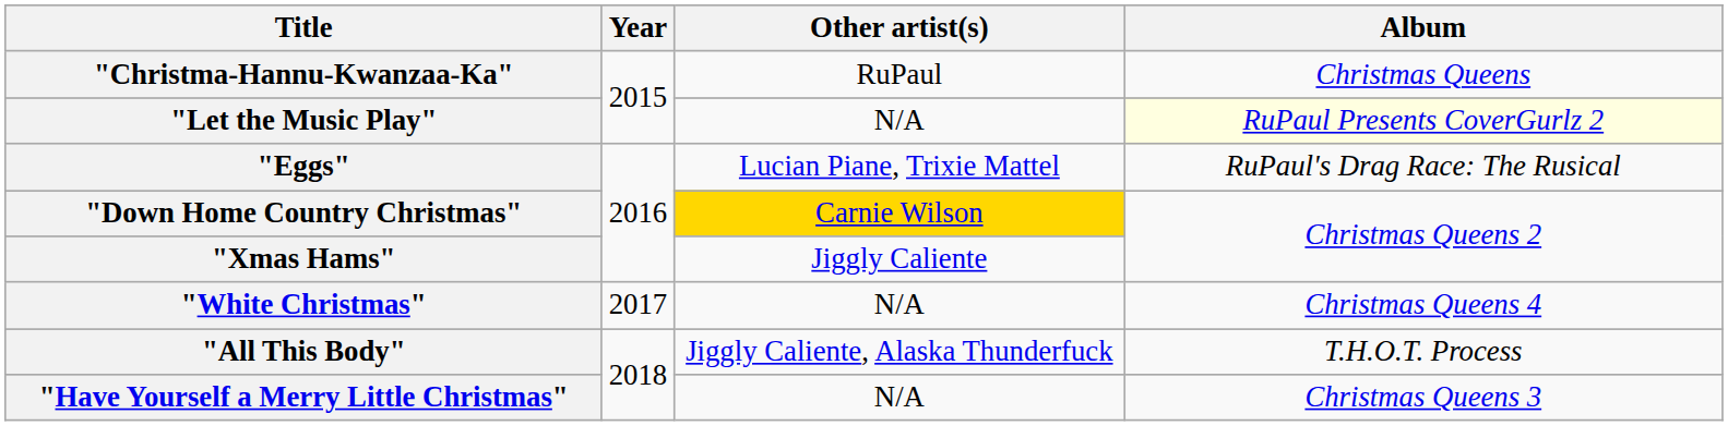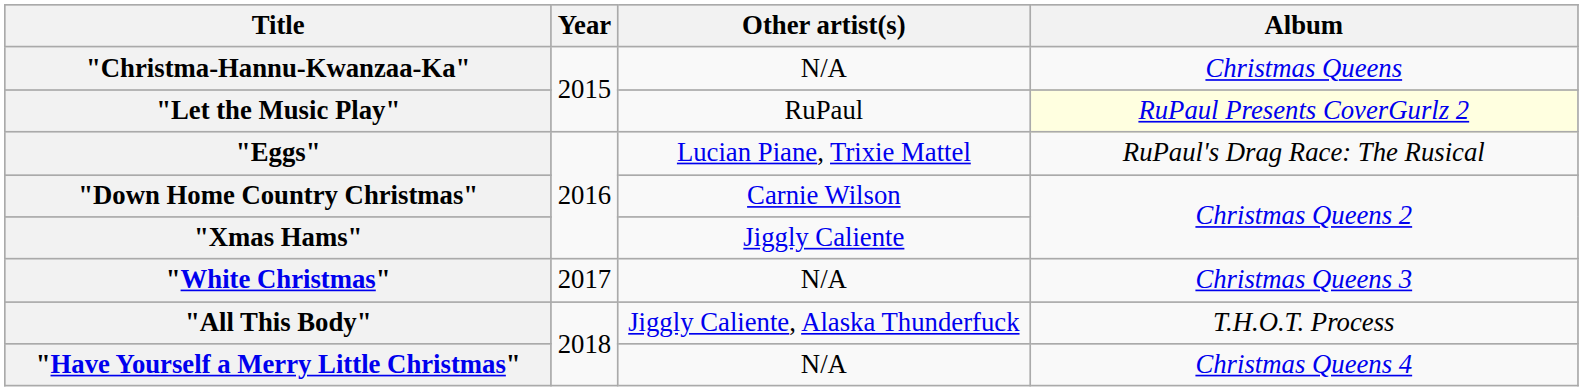 <table class="wikitable plainrowheaders" style="text-align:center;">
 <tr>
 <th scope="col" style="width:20em;">Title</th>
 <th scope="col">Year</th>
 <th scope="col" style="width:15em;">Other artist(s)</th>
 <th scope="col" style="width:20em;">Album</th>
 </tr>
 <tr>
 <th scope="row">"Christma-Hannu-Kwanzaa-Ka"</th>
 <td rowspan="2">2015</td>
-<td>RuPaul</td>
+<td>N/A</td>
 <td><em><a href='#'>Christmas Queens</a></em></td>
 </tr>
 <tr>
 <th scope="row">"Let the Music Play"</th>
-<td>N/A</td>
+<td>RuPaul</td>
 <td style="background: lightyellow;"><em><a href='#'>RuPaul Presents CoverGurlz 2</a></em></td>
 </tr>
 <tr>
 <th scope="row">"Eggs"</th>
 <td rowspan="3">2016</td>
 <td><a href='#'>Lucian Piane</a>, <a href='#'>Trixie Mattel</a></td>
 <td><em>RuPaul's Drag Race: The Rusical</em></td>
 </tr>
 <tr>
 <th scope="row">"Down Home Country Christmas"</th>
-<td style="background: gold;"><a href='#'>Carnie Wilson</a></td>
+<td><a href='#'>Carnie Wilson</a></td>
 <td rowspan="2"><em><a href='#'>Christmas Queens 2</a></em></td>
 </tr>
 <tr>
 <th scope="row">"Xmas Hams"</th>
 <td><a href='#'>Jiggly Caliente</a></td>
 </tr>
 <tr>
 <th scope="row">"<a href='#'>White Christmas</a>"</th>
 <td>2017</td>
 <td>N/A</td>
-<td><em><a href='#'>Christmas Queens 4</a></em></td>
+<td><em><a href='#'>Christmas Queens 3</a></em></td>
 </tr>
 <tr>
 <th scope="row">"All This Body"</th>
 <td rowspan="2">2018</td>
 <td><a href='#'>Jiggly Caliente</a>, <a href='#'>Alaska Thunderfuck</a></td>
 <td><em>T.H.O.T. Process</em></td>
 </tr>
 <tr>
 <th scope="row">"<a href='#'>Have Yourself a Merry Little Christmas</a>"</th>
 <td>N/A</td>
-<td><em><a href='#'>Christmas Queens 3</a></em></td>
+<td><em><a href='#'>Christmas Queens 4</a></em></td>
 </tr>
 </table>
